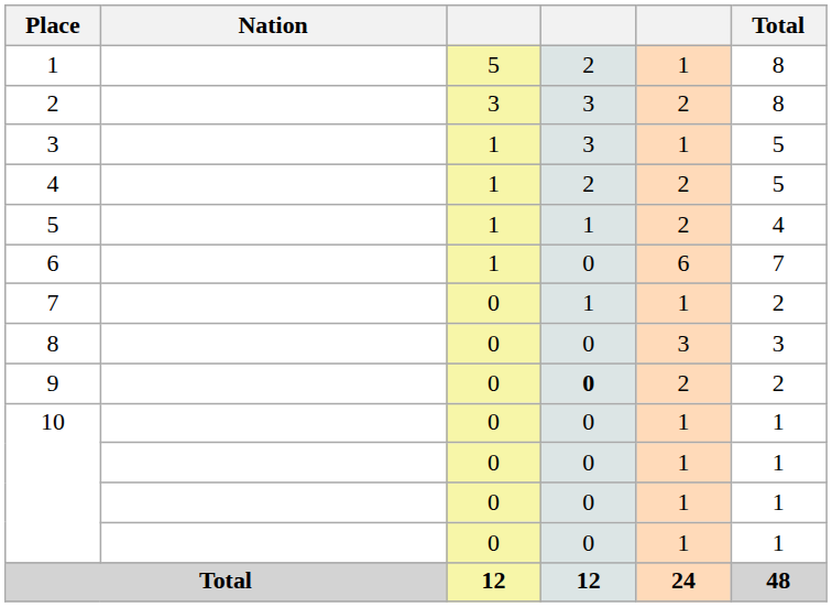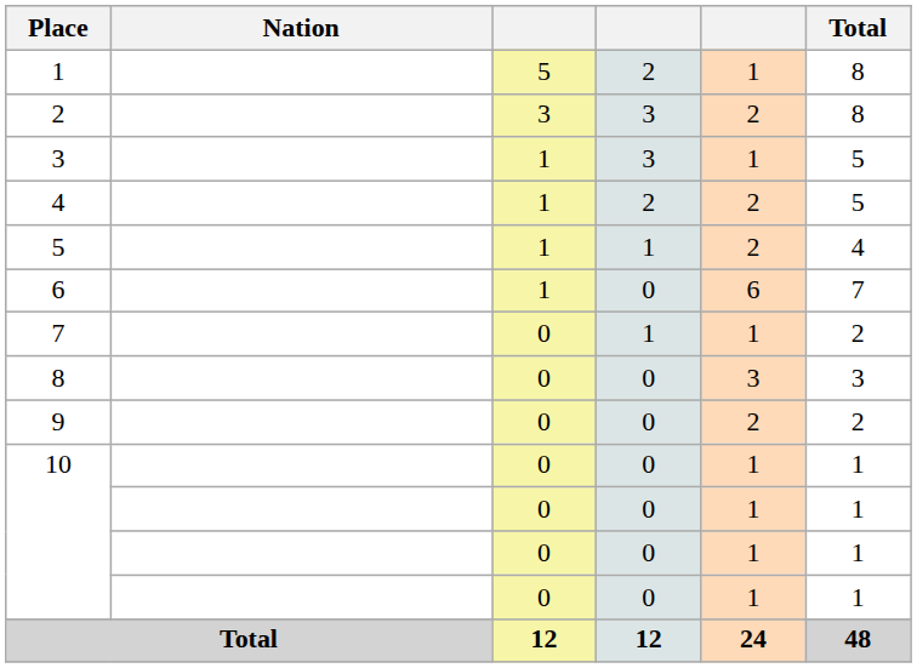 <table class=wikitable style="border:1px solid #AAAAAA;font-size:90%">
 <tr bgcolor="#EFEFEF">
 <th width=50>Place</th>
 <th width=200>Nation</th>
 <th width=50></th>
 <th width=50></th>
 <th width=50></th>
 <th width=50>Total</th>
 </tr>
 <tr align="center" valign="top" bgcolor="#FFFFFF">
 <td>1</td>
 <td align="left"></td>
 <td style="background:#F7F6A8;">5</td>
 <td style="background:#DCE5E5;">2</td>
 <td style="background:#FFDAB9;">1</td>
 <td>8</td>
 </tr>
 <tr align="center" valign="top" bgcolor="#FFFFFF">
 <td>2</td>
 <td align="left"></td>
 <td style="background:#F7F6A8;">3</td>
 <td style="background:#DCE5E5;">3</td>
 <td style="background:#FFDAB9;">2</td>
 <td>8</td>
 </tr>
 <tr align="center" valign="top" bgcolor="#FFFFFF">
 <td>3</td>
 <td align="left"></td>
 <td style="background:#F7F6A8;">1</td>
 <td style="background:#DCE5E5;">3</td>
 <td style="background:#FFDAB9;">1</td>
 <td>5</td>
 </tr>
 <tr align="center" valign="top" bgcolor="#FFFFFF">
 <td>4</td>
 <td align="left"></td>
 <td style="background:#F7F6A8;">1</td>
 <td style="background:#DCE5E5;">2</td>
 <td style="background:#FFDAB9;">2</td>
 <td>5</td>
 </tr>
 <tr align="center" valign="top" bgcolor="#FFFFFF">
 <td>5</td>
 <td align="left"></td>
 <td style="background:#F7F6A8;">1</td>
 <td style="background:#DCE5E5;">1</td>
 <td style="background:#FFDAB9;">2</td>
 <td>4</td>
 </tr>
 <tr align="center" valign="top" bgcolor="#FFFFFF">
 <td>6</td>
 <td align="left"></td>
 <td style="background:#F7F6A8;">1</td>
 <td style="background:#DCE5E5;">0</td>
 <td style="background:#FFDAB9;">6</td>
 <td>7</td>
 </tr>
 <tr align="center" valign="top" bgcolor="#FFFFFF">
 <td>7</td>
 <td align="left"></td>
 <td style="background:#F7F6A8;">0</td>
 <td style="background:#DCE5E5;">1</td>
 <td style="background:#FFDAB9;">1</td>
 <td>2</td>
 </tr>
 <tr align="center" valign="top" bgcolor="#FFFFFF">
 <td>8</td>
 <td align="left"></td>
 <td style="background:#F7F6A8;">0</td>
 <td style="background:#DCE5E5;">0</td>
 <td style="background:#FFDAB9;">3</td>
 <td>3</td>
 </tr>
 <tr align="center" valign="top" bgcolor="#FFFFFF">
 <td>9</td>
 <td align="left"></td>
 <td style="background:#F7F6A8;">0</td>
-<td style="background:#DCE5E5;"><strong>0</strong></td>
+<td style="background:#DCE5E5;">0</td>
 <td style="background:#FFDAB9;">2</td>
 <td>2</td>
 </tr>
 <tr align="center" valign="top" bgcolor="#FFFFFF">
 <td rowspan="4" valign="center">10</td>
 <td align="left"></td>
 <td style="background:#F7F6A8;">0</td>
 <td style="background:#DCE5E5;">0</td>
 <td style="background:#FFDAB9;">1</td>
 <td>1</td>
 </tr>
 <tr align="center" valign="top" bgcolor="#FFFFFF">
 <td align="left"></td>
 <td style="background:#F7F6A8;">0</td>
 <td style="background:#DCE5E5;">0</td>
 <td style="background:#FFDAB9;">1</td>
 <td>1</td>
 </tr>
 <tr align="center" valign="top" bgcolor="#FFFFFF">
 <td align="left"></td>
 <td style="background:#F7F6A8;">0</td>
 <td style="background:#DCE5E5;">0</td>
 <td style="background:#FFDAB9;">1</td>
 <td>1</td>
 </tr>
 <tr align="center" valign="top" bgcolor="#FFFFFF">
 <td align="left"></td>
 <td style="background:#F7F6A8;">0</td>
 <td style="background:#DCE5E5;">0</td>
 <td style="background:#FFDAB9;">1</td>
 <td>1</td>
 </tr>
 <tr align="center">
 <td colspan="2" bgcolor=D3D3D3><strong>Total</strong></td>
 <td style="background:#F7F6A8;"><strong>12</strong></td>
 <td style="background:#DCE5E5;"><strong>12</strong></td>
 <td style="background:#FFDAB9;"><strong>24</strong></td>
 <td bgcolor=D3D3D3><strong>48</strong></td>
 </tr>
 </table>
